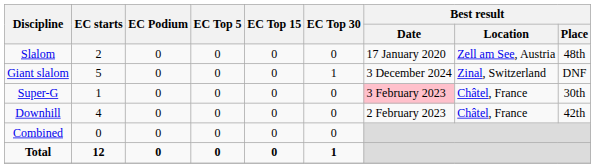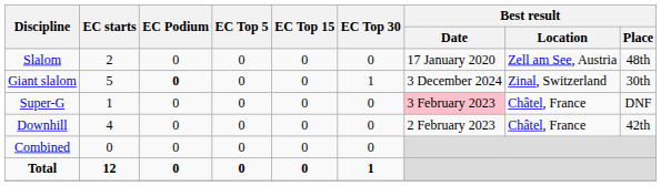 <table class="wikitable" style="text-align:center; font-size:95%;">
 <tr>
 <th rowspan=2>Discipline</th>
 <th rowspan=2>EC starts</th>
 <th rowspan=2>EC Podium</th>
 <th rowspan=2>EC Top 5</th>
 <th rowspan=2>EC Top 15</th>
 <th rowspan=2>EC Top 30</th>
 <th colspan=3>Best result</th>
 </tr>
 <tr>
 <th>Date</th>
 <th>Location</th>
 <th>Place</th>
 </tr>
 <tr>
 <td align=center><a href='#'>Slalom</a></td>
 <td align=center>2</td>
 <td align=center>0</td>
 <td align=center>0</td>
 <td align=center>0</td>
 <td align=center>0</td>
 <td align=left>17 January 2020</td>
 <td align=left> <a href='#'>Zell am See</a>, Austria</td>
 <td>48th</td>
 </tr>
 <tr>
 <td align=center><a href='#'>Giant slalom</a></td>
 <td align=center>5</td>
-<td align=center>0</td>
+<td align=center><strong>0</strong></td>
 <td align=center>0</td>
 <td align=center>0</td>
 <td align=center>1</td>
 <td align=left>3 December 2024</td>
 <td align=left> <a href='#'>Zinal</a>, Switzerland</td>
-<td>DNF</td>
+<td>30th</td>
 </tr>
 <tr>
 <td align=center><a href='#'>Super-G</a></td>
 <td align=center>1</td>
 <td align=center>0</td>
 <td align=center>0</td>
 <td align=center>0</td>
 <td align=center>0</td>
 <td align=left style="background: pink;">3 February 2023</td>
 <td align=left> <a href='#'>Châtel</a>, France</td>
-<td>30th</td>
+<td>DNF</td>
 </tr>
 <tr>
 <td align=center><a href='#'>Downhill</a></td>
 <td align=center>4</td>
 <td align=center>0</td>
 <td align=center>0</td>
 <td align=center>0</td>
 <td align=center>0</td>
 <td align=left>2 February 2023</td>
 <td align=left> <a href='#'>Châtel</a>, France</td>
 <td>42th</td>
 </tr>
 <tr>
 <td align=center><a href='#'>Combined</a></td>
 <td align=center>0</td>
 <td align=center>0</td>
 <td align=center>0</td>
 <td align=center>0</td>
 <td align=center>0</td>
 <td colspan=3 bgcolor=#DCDCDC></td>
 </tr>
 <tr>
 <td align=center><strong>Total</strong></td>
 <td align=center><strong>12</strong></td>
 <td align=center><strong>0</strong></td>
 <td align=center><strong>0</strong></td>
 <td align=center><strong>0</strong></td>
 <td align=center><strong>1</strong></td>
 <td colspan=3 bgcolor=#DCDCDC></td>
 </tr>
 <tr>
 </tr>
 </table>
